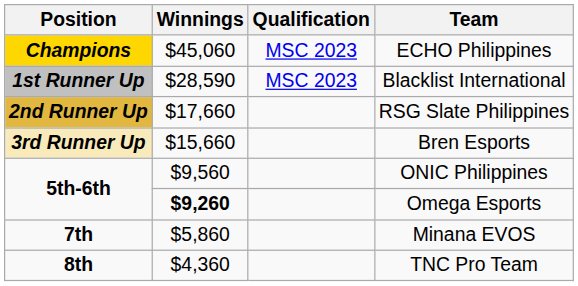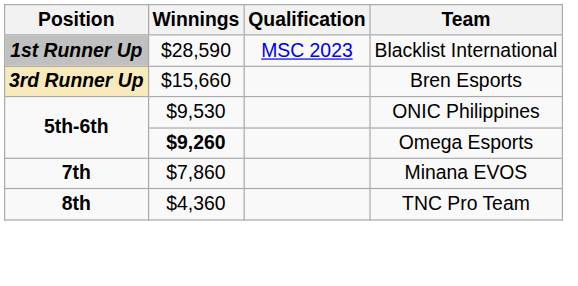 <table class="wikitable" style="left-margin: auto; right-margin: auto;">
 <tr>
 <th>Position</th>
 <th>Winnings</th>
 <th>Qualification</th>
 <th>Team</th>
 </tr>
 <tr>
-<td style="text-align:center;" bgcolor="#FFD700"><strong><em>Champions</em></strong></td>
-<td style="text-align:center;">$45,060</td>
-<td style="text-align:center;"><a href='#'>MSC 2023</a></td>
-<td style="text-align:center;">ECHO Philippines</td>
-</tr>
-<tr>
 <td style="text-align:center;" bgcolor="#C0C0C0"><strong><em>1st Runner Up</em></strong></td>
 <td style="text-align:center;">$28,590</td>
 <td style="text-align:center;"><a href='#'>MSC 2023</a></td>
 <td style="text-align:center;">Blacklist International</td>
-</tr>
-<tr>
-<td style="text-align:center;" bgcolor="#E2B740"><strong><em>2nd Runner Up</em></strong></td>
-<td style="text-align:center;">$17,660</td>
-<td style="text-align:center;"></td>
-<td style="text-align:center;">RSG Slate Philippines</td>
 </tr>
 <tr>
 <td style="text-align:center;" bgcolor="#F8EABA"><strong><em>3rd Runner Up</em></strong></td>
 <td style="text-align:center;">$15,660</td>
 <td style="text-align:center;"></td>
 <td style="text-align:center;">Bren Esports</td>
 </tr>
 <tr>
 <td rowspan="2" style="text-align:center;"><strong>5th-6th</strong></td>
-<td style="text-align:center;">$9,560</td>
+<td style="text-align:center;">$9,530</td>
 <td style="text-align:center;"></td>
 <td style="text-align:center;">ONIC Philippines</td>
 </tr>
 <tr>
 <td style="text-align:center;"><strong>$9,260</strong></td>
 <td style="text-align:center;"></td>
 <td style="text-align:center;">Omega Esports</td>
 </tr>
 <tr>
 <td style="text-align:center;"><strong>7th</strong></td>
-<td style="text-align:center;">$5,860</td>
+<td style="text-align:center;">$7,860</td>
 <td style="text-align:center;"></td>
 <td style="text-align:center;">Minana EVOS</td>
 </tr>
 <tr>
 <td style="text-align:center;"><strong>8th</strong></td>
 <td style="text-align:center;">$4,360</td>
 <td style="text-align:center;"></td>
 <td style="text-align:center;">TNC Pro Team</td>
 </tr>
 </table>
